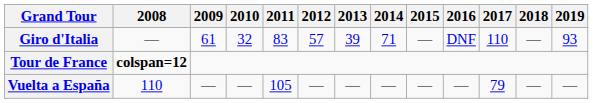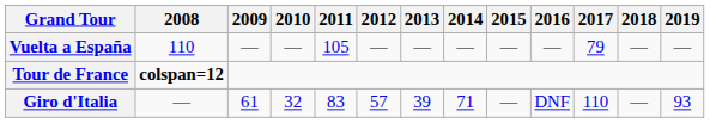 <table class="wikitable plainrowheaders">
 <tr>
 <th scope="col"><a href='#'>Grand Tour</a></th>
 <th scope="col">2008</th>
 <th scope="col">2009</th>
 <th scope="col">2010</th>
 <th scope="col">2011</th>
 <th scope="col">2012</th>
 <th scope="col">2013</th>
 <th scope="col">2014</th>
 <th scope="col">2015</th>
 <th scope="col">2016</th>
 <th scope="col">2017</th>
 <th scope="col">2018</th>
 <th scope="col">2019</th>
 </tr>
 <tr style="text-align:center;">
+<th scope="row"> <a href='#'>Vuelta a España</a></th>
+<td><a href='#'>110</a></td>
+<td>—</td>
+<td>—</td>
+<td><a href='#'>105</a></td>
+<td>—</td>
+<td>—</td>
+<td>—</td>
+<td>—</td>
+<td>—</td>
+<td><a href='#'>79</a></td>
+<td>—</td>
+<td>—</td>
+</tr>
+<tr style="text-align:center;">
+<th scope="row"> <a href='#'>Tour de France</a></th>
+<td><strong>colspan=12 </strong></td>
+</tr>
+<tr style="text-align:center;">
 <th scope="row"> <a href='#'>Giro d'Italia</a></th>
 <td>—</td>
 <td><a href='#'>61</a></td>
 <td><a href='#'>32</a></td>
 <td><a href='#'>83</a></td>
 <td><a href='#'>57</a></td>
 <td><a href='#'>39</a></td>
 <td><a href='#'>71</a></td>
 <td>—</td>
 <td><a href='#'>DNF</a></td>
 <td><a href='#'>110</a></td>
 <td>—</td>
 <td><a href='#'>93</a></td>
 </tr>
-<tr style="text-align:center;">
-<th scope="row"> <a href='#'>Tour de France</a></th>
-<td><strong>colspan=12 </strong></td>
-</tr>
-<tr style="text-align:center;">
-<th scope="row"> <a href='#'>Vuelta a España</a></th>
-<td><a href='#'>110</a></td>
-<td>—</td>
-<td>—</td>
-<td><a href='#'>105</a></td>
-<td>—</td>
-<td>—</td>
-<td>—</td>
-<td>—</td>
-<td>—</td>
-<td><a href='#'>79</a></td>
-<td>—</td>
-<td>—</td>
-</tr>
 </table>
